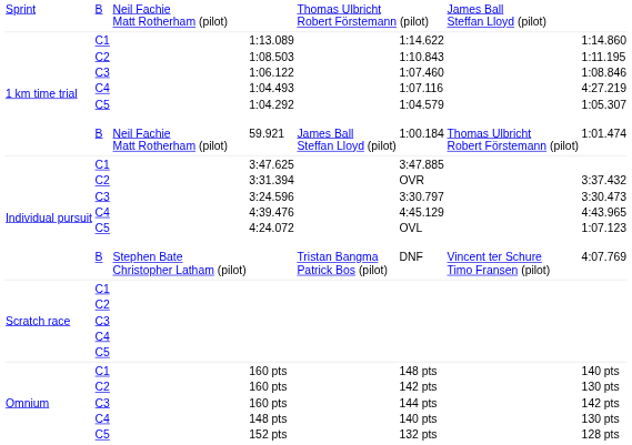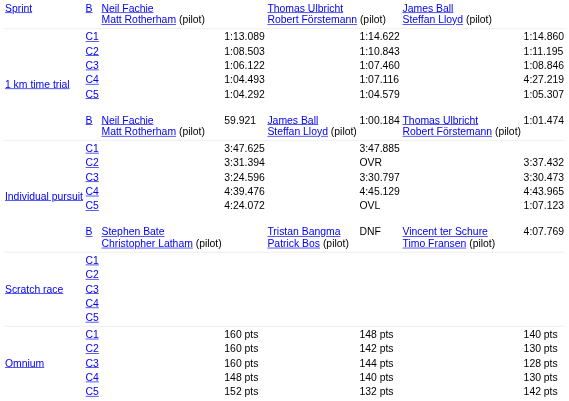 <table>
 <tr>
 <td><a href='#'>Sprint</a></td>
 <td><a href='#'>B</a></td>
 <td colspan=2><br><a href='#'>Neil Fachie</a><br><a href='#'>Matt Rotherham</a> (pilot)</td>
 <td colspan=2><br><a href='#'>Thomas Ulbricht</a><br><a href='#'>Robert Förstemann</a> (pilot)</td>
 <td colspan=2><br><a href='#'>James Ball</a><br><a href='#'>Steffan Lloyd</a> (pilot)</td>
 </tr>
 <tr>
 <td colspan=8 bgcolor=#f2f2f2></td>
 </tr>
 <tr>
 <td rowspan=6><a href='#'>1 km time trial</a></td>
 <td><a href='#'>C1</a></td>
 <td></td>
 <td>1:13.089</td>
 <td></td>
 <td>1:14.622</td>
 <td></td>
 <td>1:14.860</td>
 </tr>
 <tr>
 <td><a href='#'>C2</a></td>
 <td></td>
 <td>1:08.503</td>
 <td></td>
 <td>1:10.843</td>
 <td></td>
 <td>1:11.195</td>
 </tr>
 <tr>
 <td><a href='#'>C3</a></td>
 <td></td>
 <td>1:06.122</td>
 <td></td>
 <td>1:07.460</td>
 <td></td>
 <td>1:08.846</td>
 </tr>
 <tr>
 <td><a href='#'>C4</a></td>
 <td></td>
 <td>1:04.493</td>
 <td></td>
 <td>1:07.116</td>
 <td></td>
 <td>4:27.219</td>
 </tr>
 <tr>
 <td><a href='#'>C5</a></td>
 <td></td>
 <td>1:04.292</td>
 <td></td>
 <td>1:04.579</td>
 <td></td>
 <td>1:05.307</td>
 </tr>
 <tr>
 <td><a href='#'>B</a></td>
 <td><br><a href='#'>Neil Fachie</a><br><a href='#'>Matt Rotherham</a> (pilot)</td>
 <td>59.921</td>
 <td><br><a href='#'>James Ball</a><br><a href='#'>Steffan Lloyd</a> (pilot)</td>
 <td>1:00.184</td>
 <td><br><a href='#'>Thomas Ulbricht</a><br><a href='#'>Robert Förstemann</a> (pilot)</td>
 <td>1:01.474</td>
 </tr>
 <tr>
 <td colspan=8 bgcolor=#f2f2f2></td>
 </tr>
 <tr>
 <td rowspan=6><a href='#'>Individual pursuit</a></td>
 <td><a href='#'>C1</a></td>
 <td></td>
 <td>3:47.625</td>
 <td></td>
 <td>3:47.885</td>
 <td></td>
 <td></td>
 </tr>
 <tr>
 <td><a href='#'>C2</a></td>
 <td></td>
 <td>3:31.394</td>
 <td></td>
 <td>OVR</td>
 <td></td>
 <td>3:37.432</td>
 </tr>
 <tr>
 <td><a href='#'>C3</a></td>
 <td></td>
 <td>3:24.596</td>
 <td></td>
 <td>3:30.797</td>
 <td></td>
 <td>3:30.473</td>
 </tr>
 <tr>
 <td><a href='#'>C4</a></td>
 <td></td>
 <td>4:39.476</td>
 <td></td>
 <td>4:45.129</td>
 <td></td>
 <td>4:43.965</td>
 </tr>
 <tr>
 <td><a href='#'>C5</a></td>
 <td></td>
 <td>4:24.072</td>
 <td></td>
 <td>OVL</td>
 <td></td>
 <td>1:07.123</td>
 </tr>
 <tr>
 <td><a href='#'>B</a></td>
 <td><br><a href='#'>Stephen Bate</a><br><a href='#'>Christopher Latham</a> (pilot)</td>
 <td></td>
 <td><br><a href='#'>Tristan Bangma</a><br><a href='#'>Patrick Bos</a> (pilot)</td>
 <td>DNF</td>
 <td><br><a href='#'>Vincent ter Schure</a><br><a href='#'>Timo Fransen</a> (pilot)</td>
 <td>4:07.769</td>
 </tr>
 <tr>
 <td colspan=8 bgcolor=#f2f2f2></td>
 </tr>
 <tr>
 <td rowspan=5><a href='#'>Scratch race</a></td>
 <td><a href='#'>C1</a></td>
 <td colspan=2></td>
 <td colspan=2></td>
 <td colspan=2></td>
 </tr>
 <tr>
 <td><a href='#'>C2</a></td>
 <td colspan=2></td>
 <td colspan=2></td>
 <td colspan=2></td>
 </tr>
 <tr>
 <td><a href='#'>C3</a></td>
 <td colspan=2></td>
 <td colspan=2></td>
 <td colspan=2></td>
 </tr>
 <tr>
 <td><a href='#'>C4</a></td>
 <td colspan=2></td>
 <td colspan=2></td>
 <td colspan=2></td>
 </tr>
 <tr>
 <td><a href='#'>C5</a></td>
 <td colspan=2></td>
 <td colspan=2></td>
 <td colspan=2></td>
 </tr>
 <tr>
 <td colspan=8 bgcolor=#f2f2f2></td>
 </tr>
 <tr>
 <td rowspan=5><a href='#'>Omnium</a></td>
 <td><a href='#'>C1</a></td>
 <td></td>
 <td>160 pts</td>
 <td></td>
 <td>148 pts</td>
 <td></td>
 <td>140 pts</td>
 </tr>
 <tr>
 <td><a href='#'>C2</a></td>
 <td></td>
 <td>160 pts</td>
 <td></td>
 <td>142 pts</td>
 <td></td>
 <td>130 pts</td>
 </tr>
 <tr>
 <td><a href='#'>C3</a></td>
 <td></td>
 <td>160 pts</td>
 <td></td>
 <td>144 pts</td>
 <td></td>
-<td>142 pts</td>
+<td>128 pts</td>
 </tr>
 <tr>
 <td><a href='#'>C4</a></td>
 <td></td>
 <td>148 pts</td>
 <td></td>
 <td>140 pts</td>
 <td></td>
 <td>130 pts</td>
 </tr>
 <tr>
 <td><a href='#'>C5</a></td>
 <td></td>
 <td>152 pts</td>
 <td></td>
 <td>132 pts</td>
 <td></td>
-<td>128 pts</td>
+<td>142 pts</td>
 </tr>
 </table>
